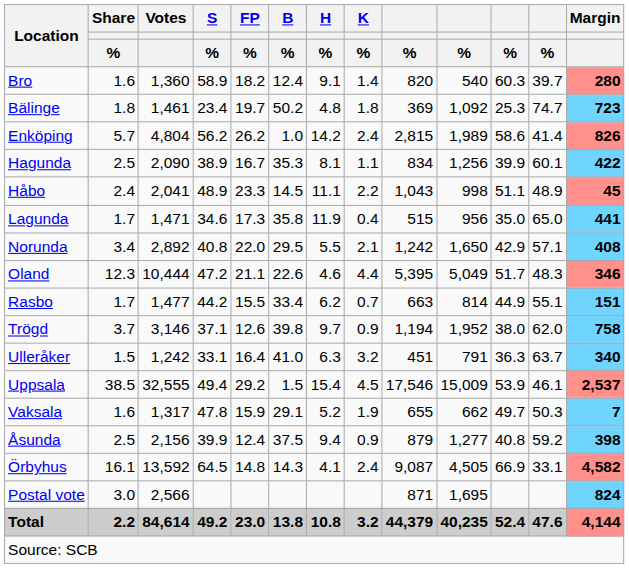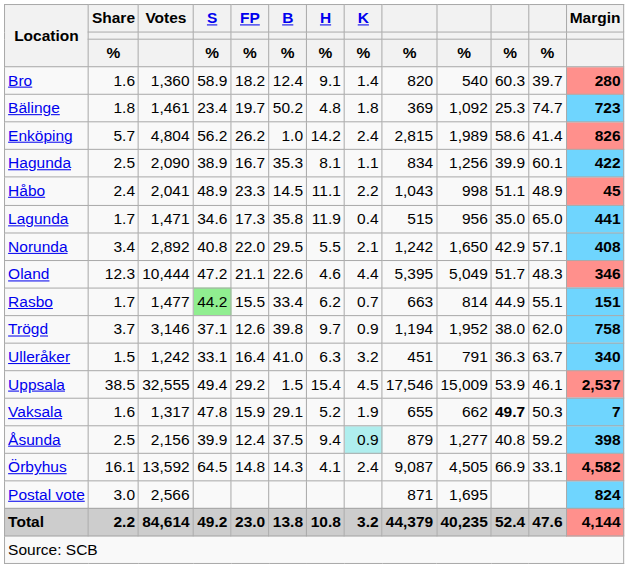 <table class="wikitable sortable" style="text-align:right; font-size:95%; line-height:20px;">
 <tr>
 <th rowspan="3">Location</th>
 <th>Share</th>
 <th>Votes</th>
 <th width="30px" class="unsortable"><a href='#'>S</a></th>
 <th width="30px" class="unsortable"><a href='#'>FP</a></th>
 <th width="30px" class="unsortable"><a href='#'>B</a></th>
 <th width="30px" class="unsortable"><a href='#'>H</a></th>
 <th width="30px" class="unsortable"><a href='#'>K</a></th>
 <th></th>
 <th></th>
 <th></th>
 <th></th>
 <th>Margin</th>
 </tr>
 <tr>
 <th></th>
 <th></th>
 <th style="background:"></th>
 <th style="background:"></th>
 <th style="background:"></th>
 <th style="background:"></th>
 <th style="background:"></th>
 <th style="background:"></th>
 <th style="background:"></th>
 <th style="background:"></th>
 <th style="background:"></th>
 <th></th>
 </tr>
 <tr>
 <th data-sort-type="number">%</th>
 <th></th>
 <th data-sort-type="number">%</th>
 <th data-sort-type="number">%</th>
 <th data-sort-type="number">%</th>
 <th data-sort-type="number">%</th>
 <th data-sort-type="number">%</th>
 <th data-sort-type="number">%</th>
 <th data-sort-type="number">%</th>
 <th data-sort-type="number">%</th>
 <th data-sort-type="number">%</th>
 <th data-sort-type="number"></th>
 </tr>
 <tr>
 <td align=left><a href='#'>Bro</a></td>
 <td>1.6</td>
 <td>1,360</td>
 <td>58.9</td>
 <td>18.2</td>
 <td>12.4</td>
 <td>9.1</td>
 <td>1.4</td>
 <td>820</td>
 <td>540</td>
 <td>60.3</td>
 <td>39.7</td>
 <td bgcolor=#ff908c><strong>280</strong></td>
 </tr>
 <tr>
 <td align=left><a href='#'>Bälinge</a></td>
 <td>1.8</td>
 <td>1,461</td>
 <td>23.4</td>
 <td>19.7</td>
 <td>50.2</td>
 <td>4.8</td>
 <td>1.8</td>
 <td>369</td>
 <td>1,092</td>
 <td>25.3</td>
 <td>74.7</td>
 <td bgcolor=#6fd5fe><strong>723</strong></td>
 </tr>
 <tr>
 <td align=left><a href='#'>Enköping</a></td>
 <td>5.7</td>
 <td>4,804</td>
 <td>56.2</td>
 <td>26.2</td>
 <td>1.0</td>
 <td>14.2</td>
 <td>2.4</td>
 <td>2,815</td>
 <td>1,989</td>
 <td>58.6</td>
 <td>41.4</td>
 <td bgcolor=#ff908c><strong>826</strong></td>
 </tr>
 <tr>
 <td align=left><a href='#'>Hagunda</a></td>
 <td>2.5</td>
 <td>2,090</td>
 <td>38.9</td>
 <td>16.7</td>
 <td>35.3</td>
 <td>8.1</td>
 <td>1.1</td>
 <td>834</td>
 <td>1,256</td>
 <td>39.9</td>
 <td>60.1</td>
 <td bgcolor=#6fd5fe><strong>422</strong></td>
 </tr>
 <tr>
 <td align=left><a href='#'>Håbo</a></td>
 <td>2.4</td>
 <td>2,041</td>
 <td>48.9</td>
 <td>23.3</td>
 <td>14.5</td>
 <td>11.1</td>
 <td>2.2</td>
 <td>1,043</td>
 <td>998</td>
 <td>51.1</td>
 <td>48.9</td>
 <td bgcolor=#ff908c><strong>45</strong></td>
 </tr>
 <tr>
 <td align=left><a href='#'>Lagunda</a></td>
 <td>1.7</td>
 <td>1,471</td>
 <td>34.6</td>
 <td>17.3</td>
 <td>35.8</td>
 <td>11.9</td>
 <td>0.4</td>
 <td>515</td>
 <td>956</td>
 <td>35.0</td>
 <td>65.0</td>
 <td bgcolor=#6fd5fe><strong>441</strong></td>
 </tr>
 <tr>
 <td align=left><a href='#'>Norunda</a></td>
 <td>3.4</td>
 <td>2,892</td>
 <td>40.8</td>
 <td>22.0</td>
 <td>29.5</td>
 <td>5.5</td>
 <td>2.1</td>
 <td>1,242</td>
 <td>1,650</td>
 <td>42.9</td>
 <td>57.1</td>
 <td bgcolor=#6fd5fe><strong>408</strong></td>
 </tr>
 <tr>
 <td align=left><a href='#'>Oland</a></td>
 <td>12.3</td>
 <td>10,444</td>
 <td>47.2</td>
 <td>21.1</td>
 <td>22.6</td>
 <td>4.6</td>
 <td>4.4</td>
 <td>5,395</td>
 <td>5,049</td>
 <td>51.7</td>
 <td>48.3</td>
 <td bgcolor=#ff908c><strong>346</strong></td>
 </tr>
 <tr>
 <td align=left><a href='#'>Rasbo</a></td>
 <td>1.7</td>
 <td>1,477</td>
-<td>44.2</td>
+<td style="background: lightgreen;">44.2</td>
 <td>15.5</td>
 <td>33.4</td>
 <td>6.2</td>
 <td>0.7</td>
 <td>663</td>
 <td>814</td>
 <td>44.9</td>
 <td>55.1</td>
 <td bgcolor=#6fd5fe><strong>151</strong></td>
 </tr>
 <tr>
 <td align=left><a href='#'>Trögd</a></td>
 <td>3.7</td>
 <td>3,146</td>
 <td>37.1</td>
 <td>12.6</td>
 <td>39.8</td>
 <td>9.7</td>
 <td>0.9</td>
 <td>1,194</td>
 <td>1,952</td>
 <td>38.0</td>
 <td>62.0</td>
 <td bgcolor=#6fd5fe><strong>758</strong></td>
 </tr>
 <tr>
 <td align=left><a href='#'>Ulleråker</a></td>
 <td>1.5</td>
 <td>1,242</td>
 <td>33.1</td>
 <td>16.4</td>
 <td>41.0</td>
 <td>6.3</td>
 <td>3.2</td>
 <td>451</td>
 <td>791</td>
 <td>36.3</td>
 <td>63.7</td>
 <td bgcolor=#6fd5fe><strong>340</strong></td>
 </tr>
 <tr>
 <td align=left><a href='#'>Uppsala</a></td>
 <td>38.5</td>
 <td>32,555</td>
 <td>49.4</td>
 <td>29.2</td>
 <td>1.5</td>
 <td>15.4</td>
 <td>4.5</td>
 <td>17,546</td>
 <td>15,009</td>
 <td>53.9</td>
 <td>46.1</td>
 <td bgcolor=#ff908c><strong>2,537</strong></td>
 </tr>
 <tr>
 <td align=left><a href='#'>Vaksala</a></td>
 <td>1.6</td>
 <td>1,317</td>
 <td>47.8</td>
 <td>15.9</td>
 <td>29.1</td>
 <td>5.2</td>
 <td>1.9</td>
 <td>655</td>
 <td>662</td>
-<td>49.7</td>
+<td><strong>49.7</strong></td>
 <td>50.3</td>
 <td bgcolor=#6fd5fe><strong>7</strong></td>
 </tr>
 <tr>
 <td align=left><a href='#'>Åsunda</a></td>
 <td>2.5</td>
 <td>2,156</td>
 <td>39.9</td>
 <td>12.4</td>
 <td>37.5</td>
 <td>9.4</td>
-<td>0.9</td>
+<td style="background: paleturquoise;">0.9</td>
 <td>879</td>
 <td>1,277</td>
 <td>40.8</td>
 <td>59.2</td>
 <td bgcolor=#6fd5fe><strong>398</strong></td>
 </tr>
 <tr>
 <td align=left><a href='#'>Örbyhus</a></td>
 <td>16.1</td>
 <td>13,592</td>
 <td>64.5</td>
 <td>14.8</td>
 <td>14.3</td>
 <td>4.1</td>
 <td>2.4</td>
 <td>9,087</td>
 <td>4,505</td>
 <td>66.9</td>
 <td>33.1</td>
 <td bgcolor=#ff908c><strong>4,582</strong></td>
 </tr>
 <tr>
 <td align=left><a href='#'>Postal vote</a></td>
 <td>3.0</td>
 <td>2,566</td>
 <td></td>
 <td></td>
 <td></td>
 <td></td>
 <td></td>
 <td>871</td>
 <td>1,695</td>
 <td></td>
 <td></td>
 <td bgcolor=#6fd5fe><strong>824</strong></td>
 </tr>
 <tr>
 </tr>
 <tr style="background:#CDCDCD;">
 <td align=left><strong>Total</strong></td>
 <td><strong>2.2</strong></td>
 <td><strong>84,614</strong></td>
 <td><strong>49.2</strong></td>
 <td><strong>23.0</strong></td>
 <td><strong>13.8</strong></td>
 <td><strong>10.8</strong></td>
 <td><strong>3.2</strong></td>
 <td><strong>44,379</strong></td>
 <td><strong>40,235</strong></td>
 <td><strong>52.4</strong></td>
 <td><strong>47.6</strong></td>
 <td bgcolor=#ff908c><strong>4,144</strong></td>
 </tr>
 <tr>
 <td align=left colspan=13>Source: SCB </td>
 </tr>
 </table>
